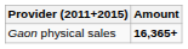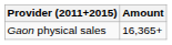 <table class="wikitable">
 <tr>
 <th>Provider (2011+2015)</th>
 <th>Amount</th>
 </tr>
 <tr>
 <td><em>Gaon</em> physical sales</td>
-<td><strong>16,365+ </strong></td>
+<td>16,365+ </td>
 </tr>
 </table>
